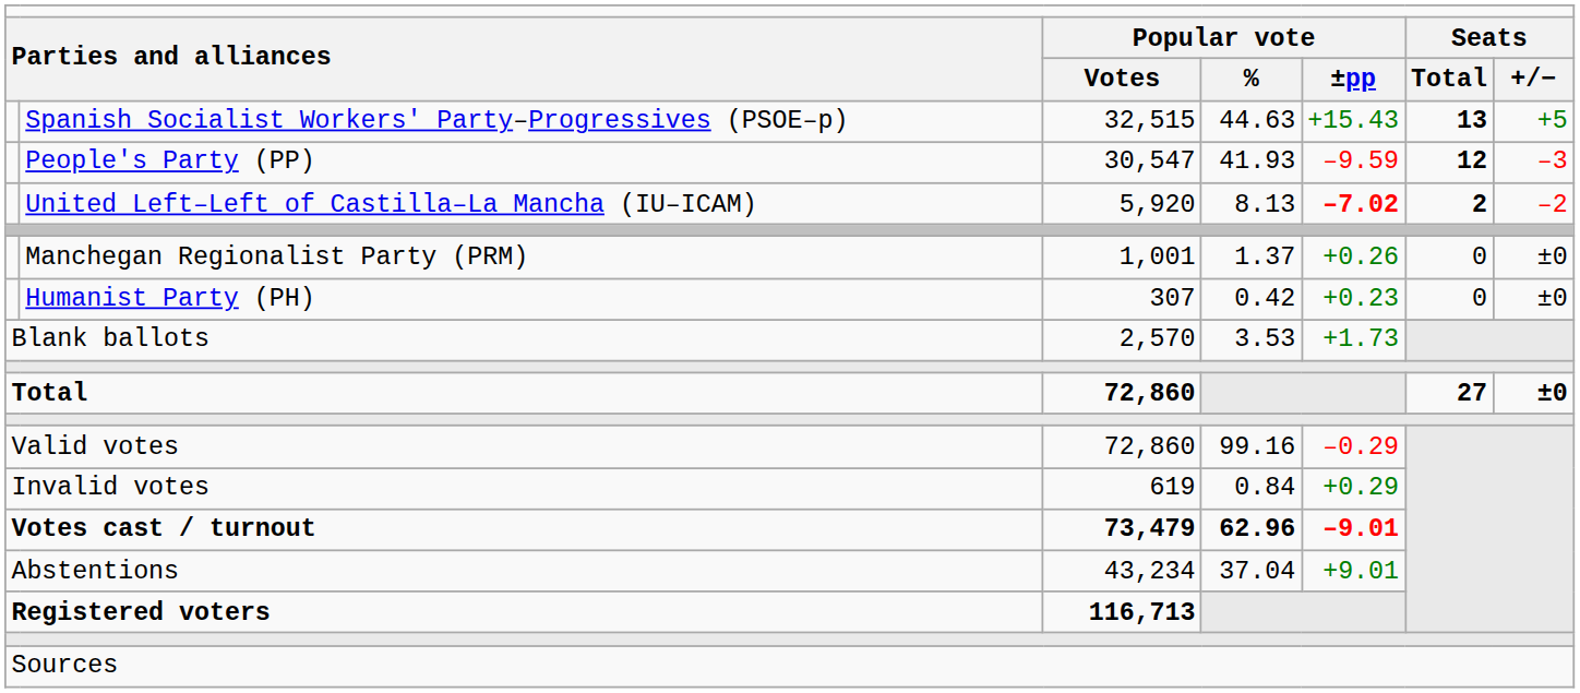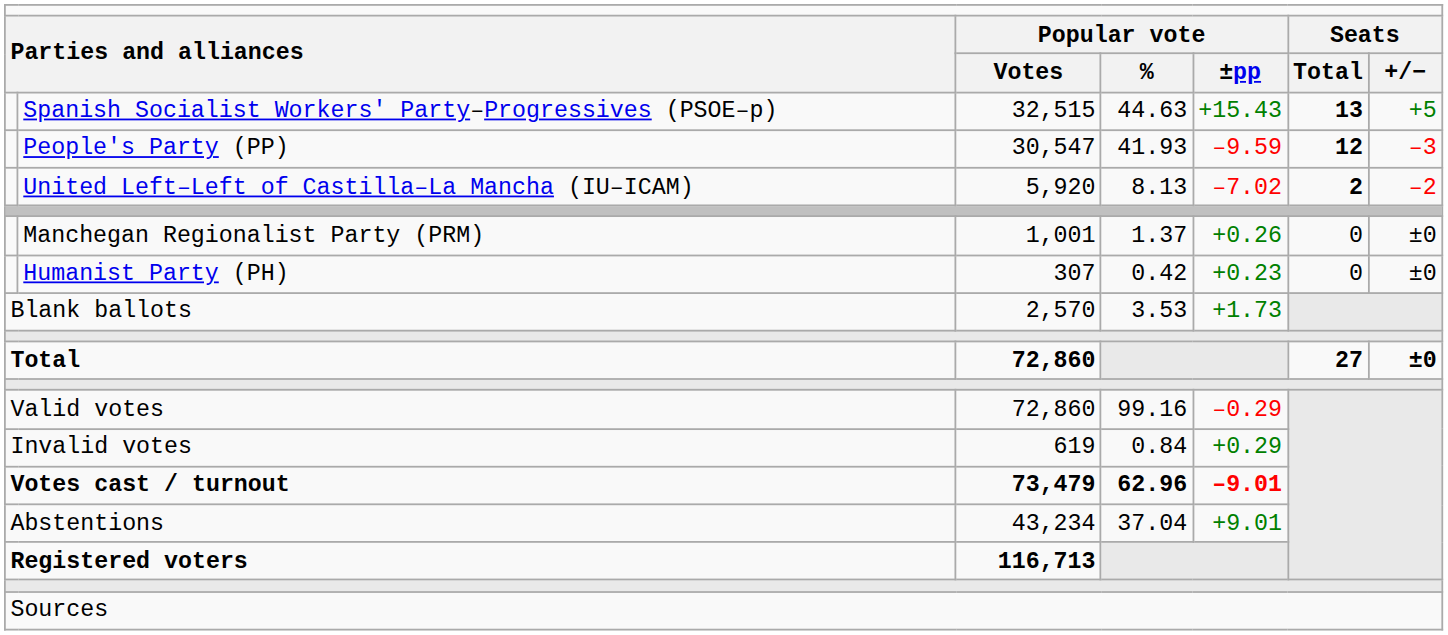 <table class="wikitable" style="text-align:right;">
 <tr>
 <td colspan="7"></td>
 </tr>
 <tr>
 <th style="text-align:left;" rowspan="2" colspan="2" width="525">Parties and alliances</th>
 <th colspan="3">Popular vote</th>
 <th colspan="2">Seats</th>
 </tr>
 <tr>
 <th width="75">Votes</th>
 <th width="45">%</th>
 <th width="45">±<a href='#'>pp</a></th>
 <th width="35">Total</th>
 <th width="35">+/−</th>
 </tr>
 <tr>
 <td width="1" style="color:inherit;background:"></td>
 <td align="left"><a href='#'>Spanish Socialist Workers' Party</a>–<a href='#'>Progressives</a> (PSOE–p)</td>
 <td>32,515</td>
 <td>44.63</td>
 <td style="color:green;">+15.43</td>
 <td><strong>13</strong></td>
 <td style="color:green;">+5</td>
 </tr>
 <tr>
 <td style="color:inherit;background:"></td>
 <td align="left"><a href='#'>People's Party</a> (PP)</td>
 <td>30,547</td>
 <td>41.93</td>
 <td style="color:red;">–9.59</td>
 <td><strong>12</strong></td>
 <td style="color:red;">–3</td>
 </tr>
 <tr>
 <td style="color:inherit;background:"></td>
 <td align="left"><a href='#'>United Left–Left of Castilla–La Mancha</a> (IU–ICAM)</td>
 <td>5,920</td>
 <td>8.13</td>
-<td style="color:red;"><strong>–7.02</strong></td>
+<td style="color:red;">–7.02</td>
 <td><strong>2</strong></td>
 <td style="color:red;">–2</td>
 </tr>
 <tr>
 <td colspan="7" bgcolor="#C0C0C0"></td>
 </tr>
 <tr>
 <td style="color:inherit;background:"></td>
 <td align="left">Manchegan Regionalist Party (PRM)</td>
 <td>1,001</td>
 <td>1.37</td>
 <td style="color:green;">+0.26</td>
 <td>0</td>
 <td>±0</td>
 </tr>
 <tr>
 <td style="color:inherit;background:"></td>
 <td align="left"><a href='#'>Humanist Party</a> (PH)</td>
 <td>307</td>
 <td>0.42</td>
 <td style="color:green;">+0.23</td>
 <td>0</td>
 <td>±0</td>
 </tr>
 <tr>
 <td align="left" colspan="2">Blank ballots</td>
 <td>2,570</td>
 <td>3.53</td>
 <td style="color:green;">+1.73</td>
 <td bgcolor="#E9E9E9" colspan="2"></td>
 </tr>
 <tr>
 <td colspan="7" bgcolor="#E9E9E9"></td>
 </tr>
 <tr style="font-weight:bold;">
 <td align="left" colspan="2">Total</td>
 <td>72,860</td>
 <td bgcolor="#E9E9E9" colspan="2"></td>
 <td>27</td>
 <td>±0</td>
 </tr>
 <tr>
 <td colspan="7" bgcolor="#E9E9E9"></td>
 </tr>
 <tr>
 <td align="left" colspan="2">Valid votes</td>
 <td>72,860</td>
 <td>99.16</td>
 <td style="color:red;">–0.29</td>
 <td bgcolor="#E9E9E9" colspan="2" rowspan="5"></td>
 </tr>
 <tr>
 <td align="left" colspan="2">Invalid votes</td>
 <td>619</td>
 <td>0.84</td>
 <td style="color:green;">+0.29</td>
 </tr>
 <tr style="font-weight:bold;">
 <td align="left" colspan="2">Votes cast / turnout</td>
 <td>73,479</td>
 <td>62.96</td>
 <td style="color:red;">–9.01</td>
 </tr>
 <tr>
 <td align="left" colspan="2">Abstentions</td>
 <td>43,234</td>
 <td>37.04</td>
 <td style="color:green;">+9.01</td>
 </tr>
 <tr style="font-weight:bold;">
 <td align="left" colspan="2">Registered voters</td>
 <td>116,713</td>
 <td bgcolor="#E9E9E9" colspan="2"></td>
 </tr>
 <tr>
 <td colspan="7" bgcolor="#E9E9E9"></td>
 </tr>
 <tr>
 <td align="left" colspan="7">Sources</td>
 </tr>
 </table>
